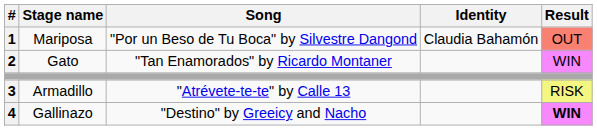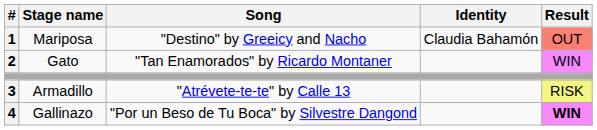 <table class="wikitable plainrowheaders" style="text-align: center">
 <tr>
 <th>#</th>
 <th>Stage name</th>
 <th>Song</th>
 <th>Identity</th>
 <th>Result</th>
 </tr>
 <tr>
 <th>1</th>
 <td>Mariposa</td>
-<td>"Por un Beso de Tu Boca" by <a href='#'>Silvestre Dangond</a></td>
+<td>"Destino" by <a href='#'>Greeicy</a> and <a href='#'>Nacho</a></td>
 <td>Claudia Bahamón</td>
 <td bgcolor=salmon>OUT</td>
 </tr>
 <tr>
 <th>2</th>
 <td>Gato</td>
 <td>"Tan Enamorados" by <a href='#'>Ricardo Montaner</a></td>
 <td></td>
 <td bgcolor=#F888FD>WIN</td>
 </tr>
 <tr>
 <td colspan="5" style="background:darkgray"></td>
 </tr>
 <tr>
 <th>3</th>
 <td>Armadillo</td>
 <td>"<a href='#'>Atrévete-te-te</a>" by <a href='#'>Calle 13</a></td>
 <td></td>
 <td bgcolor=#F3F781>RISK</td>
 </tr>
 <tr>
 <th>4</th>
 <td>Gallinazo</td>
-<td>"Destino" by <a href='#'>Greeicy</a> and <a href='#'>Nacho</a></td>
+<td>"Por un Beso de Tu Boca" by <a href='#'>Silvestre Dangond</a></td>
 <td></td>
 <td bgcolor=#F888FD><strong>WIN</strong></td>
 </tr>
 </table>
